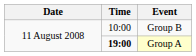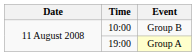 <table class = "wikitable" style="text-align:center;">
 <tr>
 <th width=150>Date</th>
 <th width=50>Time</th>
 <th width=80>Event</th>
 </tr>
 <tr>
 <td rowspan=2>11 August 2008</td>
 <td>10:00</td>
 <td>Group B</td>
 </tr>
 <tr>
-<td><strong>19:00</strong></td>
+<td>19:00</td>
 <td bgcolor=ffffcc>Group A</td>
 </tr>
 </table>
